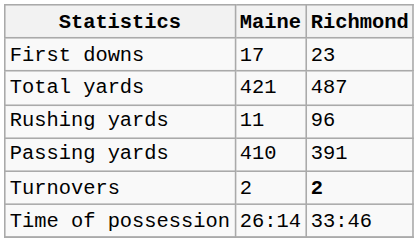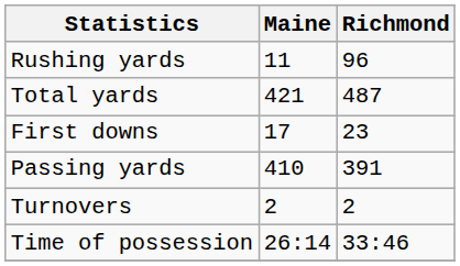 <table class="wikitable">
 <tr>
 <th>Statistics</th>
 <th>Maine</th>
 <th>Richmond</th>
 </tr>
 <tr>
-<td>First downs</td>
-<td>17</td>
-<td>23</td>
+<td>Rushing yards</td>
+<td>11</td>
+<td>96</td>
 </tr>
 <tr>
 <td>Total yards</td>
 <td>421</td>
 <td>487</td>
 </tr>
 <tr>
-<td>Rushing yards</td>
-<td>11</td>
-<td>96</td>
+<td>First downs</td>
+<td>17</td>
+<td>23</td>
 </tr>
 <tr>
 <td>Passing yards</td>
 <td>410</td>
 <td>391</td>
 </tr>
 <tr>
 <td>Turnovers</td>
 <td>2</td>
-<td><strong>2</strong></td>
+<td>2</td>
 </tr>
 <tr>
 <td>Time of possession</td>
 <td>26:14</td>
 <td>33:46</td>
 </tr>
 <tr>
 </tr>
 </table>
